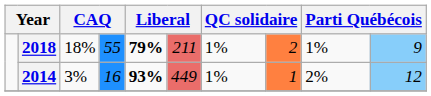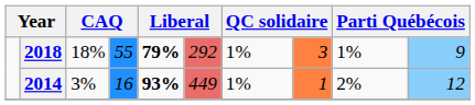 <table class="wikitable" style="float:right; width:400; font-size:90%; margin-left:1em;">
 <tr>
 <th colspan="2" scope="col">Year</th>
 <th colspan="2" scope="col"><a href='#'>CAQ</a></th>
 <th colspan="2" scope="col"><a href='#'>Liberal</a></th>
 <th colspan="2" scope="col"><a href='#'>QC solidaire</a></th>
 <th colspan="2" scope="col"><a href='#'>Parti Québécois</a></th>
 </tr>
 <tr>
 <td rowspan="2" style="width: 0.25em; background-color: "></td>
 <th><a href='#'>2018</a></th>
 <td>18%</td>
 <td style="text-align:right; background:#1E90FF;"><em>55</em></td>
 <td><strong>79%</strong></td>
-<td style="text-align:right; background:#EA6D6A;"><em>211</em></td>
+<td style="text-align:right; background:#EA6D6A;"><em>292</em></td>
 <td>1%</td>
-<td style="text-align:right; background:#FF8040;"><em>2</em></td>
+<td style="text-align:right; background:#FF8040;"><em>3</em></td>
 <td>1%</td>
 <td style="text-align:right; background:#87CEFA;"><em>9</em></td>
 </tr>
 <tr>
 <th><a href='#'>2014</a></th>
 <td>3%</td>
 <td style="text-align:right; background:#1E90FF;"><em>16</em></td>
 <td><strong>93%</strong></td>
 <td style="text-align:right; background:#EA6D6A;"><em>449</em></td>
 <td>1%</td>
 <td style="text-align:right; background:#FF8040;"><em>1</em></td>
 <td>2%</td>
 <td style="text-align:right; background:#87CEFA;"><em>12</em></td>
 </tr>
 <tr>
 </tr>
 </table>
